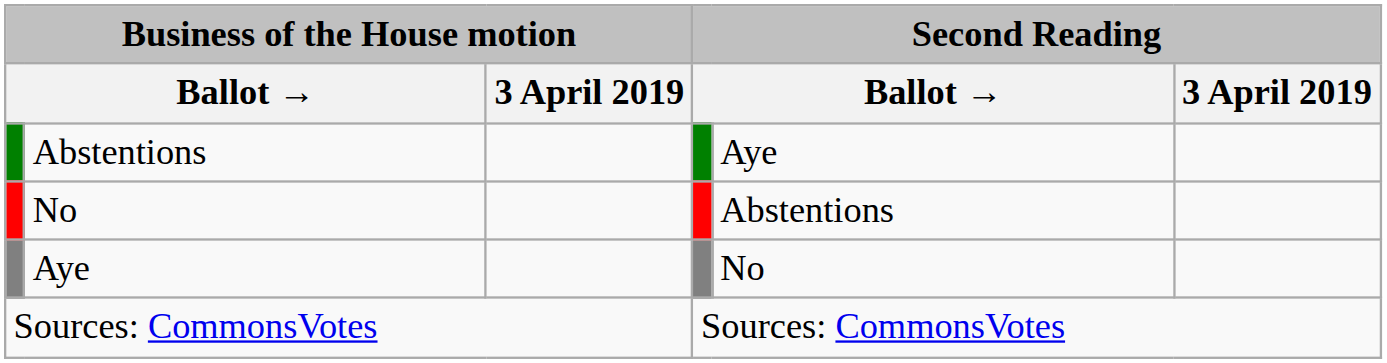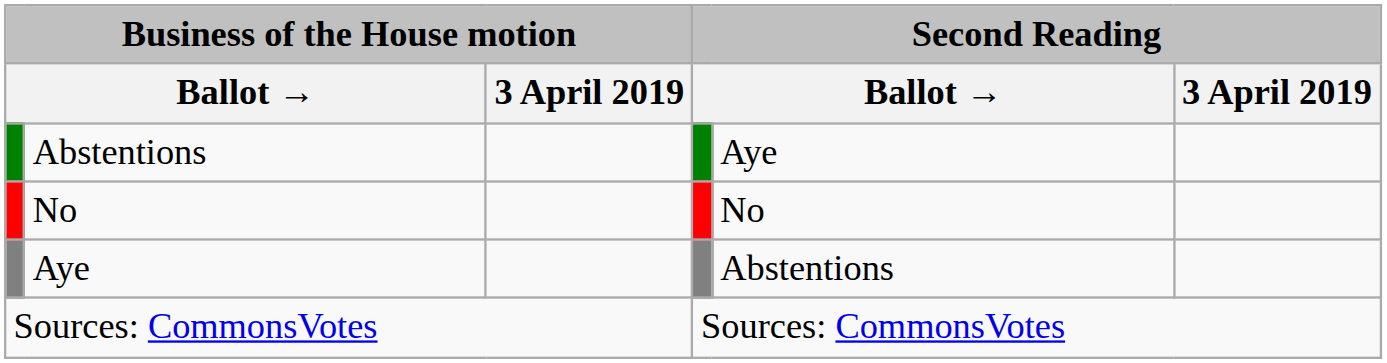 <table class="wikitable" style="text-align:center; font-size:98%;">
 <tr>
 <td colspan="3" align="center" bgcolor="#C0C0C0"><strong>Business of the House motion</strong></td>
 <td colspan="3" align="center" bgcolor="#C0C0C0"><strong>Second Reading</strong></td>
 </tr>
 <tr>
 <th colspan="2" style="width:200px;">Ballot →</th>
 <th>3 April 2019</th>
 <th colspan="2" style="width:200px;">Ballot →</th>
 <th>3 April 2019</th>
 </tr>
 <tr>
 <th style="width:1px; background:green;"></th>
 <td style="text-align:left;">Abstentions</td>
 <td></td>
 <th style="width:1px; background:green;"></th>
 <td style="text-align:left;">Aye</td>
 <td></td>
 </tr>
 <tr>
 <th style="background:red;"></th>
 <td style="text-align:left;">No</td>
 <td></td>
 <th style="background:red;"></th>
-<td style="text-align:left;">Abstentions</td>
+<td style="text-align:left;">No</td>
 <td></td>
 </tr>
 <tr>
 <th style="background:gray;"></th>
 <td style="text-align:left;">Aye</td>
 <td></td>
 <th style="background:gray;"></th>
-<td style="text-align:left;">No</td>
+<td style="text-align:left;">Abstentions</td>
 <td></td>
 </tr>
 <tr>
 <td colspan="3" style="text-align:left;">Sources: <a href='#'>CommonsVotes</a></td>
 <td colspan="3" style="text-align:left;">Sources: <a href='#'>CommonsVotes</a></td>
 </tr>
 </table>
